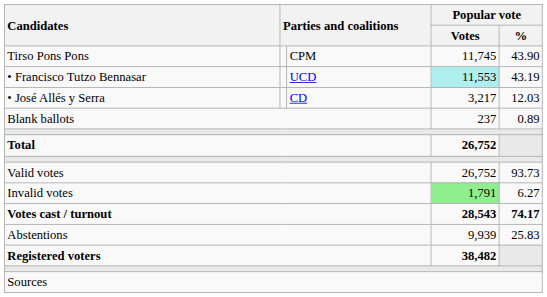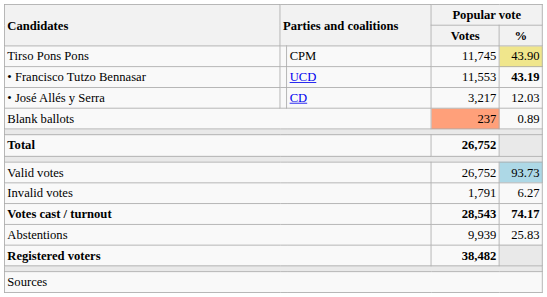 <table class="wikitable" style="text-align:right; font-size:95%;">
 <tr>
 <th style="text-align:left;" rowspan="2" width="325">Candidates</th>
 <th style="text-align:left;" rowspan="2" colspan="2" width="175">Parties and coalitions</th>
 <th colspan="2">Popular vote</th>
 </tr>
 <tr>
 <th width="75">Votes</th>
 <th width="45">%</th>
 </tr>
 <tr>
 <td align="left"> Tirso Pons Pons</td>
 <td width="1" style="color:inherit;background:"></td>
 <td align="left">CPM</td>
 <td>11,745</td>
-<td>43.90</td>
+<td style="background: khaki;">43.90</td>
 </tr>
 <tr>
 <td align="left">• Francisco Tutzo Bennasar</td>
 <td style="color:inherit;background:"></td>
 <td align="left"><a href='#'>UCD</a></td>
-<td style="background: paleturquoise;">11,553</td>
-<td>43.19</td>
+<td>11,553</td>
+<td><strong>43.19</strong></td>
 </tr>
 <tr>
 <td align="left">• José Allés y Serra</td>
 <td style="color:inherit;background:"></td>
 <td align="left"><a href='#'>CD</a></td>
 <td>3,217</td>
 <td>12.03</td>
 </tr>
 <tr>
 <td align="left" colspan="3">Blank ballots</td>
-<td>237</td>
+<td style="background: lightsalmon;">237</td>
 <td>0.89</td>
 </tr>
 <tr>
 <td colspan="5" bgcolor="#E9E9E9"></td>
 </tr>
 <tr style="font-weight:bold;">
 <td align="left" colspan="3">Total</td>
 <td>26,752</td>
 <td bgcolor="#E9E9E9"></td>
 </tr>
 <tr>
 <td colspan="5" bgcolor="#E9E9E9"></td>
 </tr>
 <tr>
 <td align="left" colspan="3">Valid votes</td>
 <td>26,752</td>
-<td>93.73</td>
+<td style="background: lightblue;">93.73</td>
 </tr>
 <tr>
 <td align="left" colspan="3">Invalid votes</td>
-<td style="background: lightgreen;">1,791</td>
+<td>1,791</td>
 <td>6.27</td>
 </tr>
 <tr style="font-weight:bold;">
 <td align="left" colspan="3">Votes cast / turnout</td>
 <td>28,543</td>
 <td>74.17</td>
 </tr>
 <tr>
 <td align="left" colspan="3">Abstentions</td>
 <td>9,939</td>
 <td>25.83</td>
 </tr>
 <tr style="font-weight:bold;">
 <td align="left" colspan="3">Registered voters</td>
 <td>38,482</td>
 <td bgcolor="#E9E9E9"></td>
 </tr>
 <tr>
 <td colspan="5" bgcolor="#E9E9E9"></td>
 </tr>
 <tr>
 <td align="left" colspan="5">Sources</td>
 </tr>
 </table>
